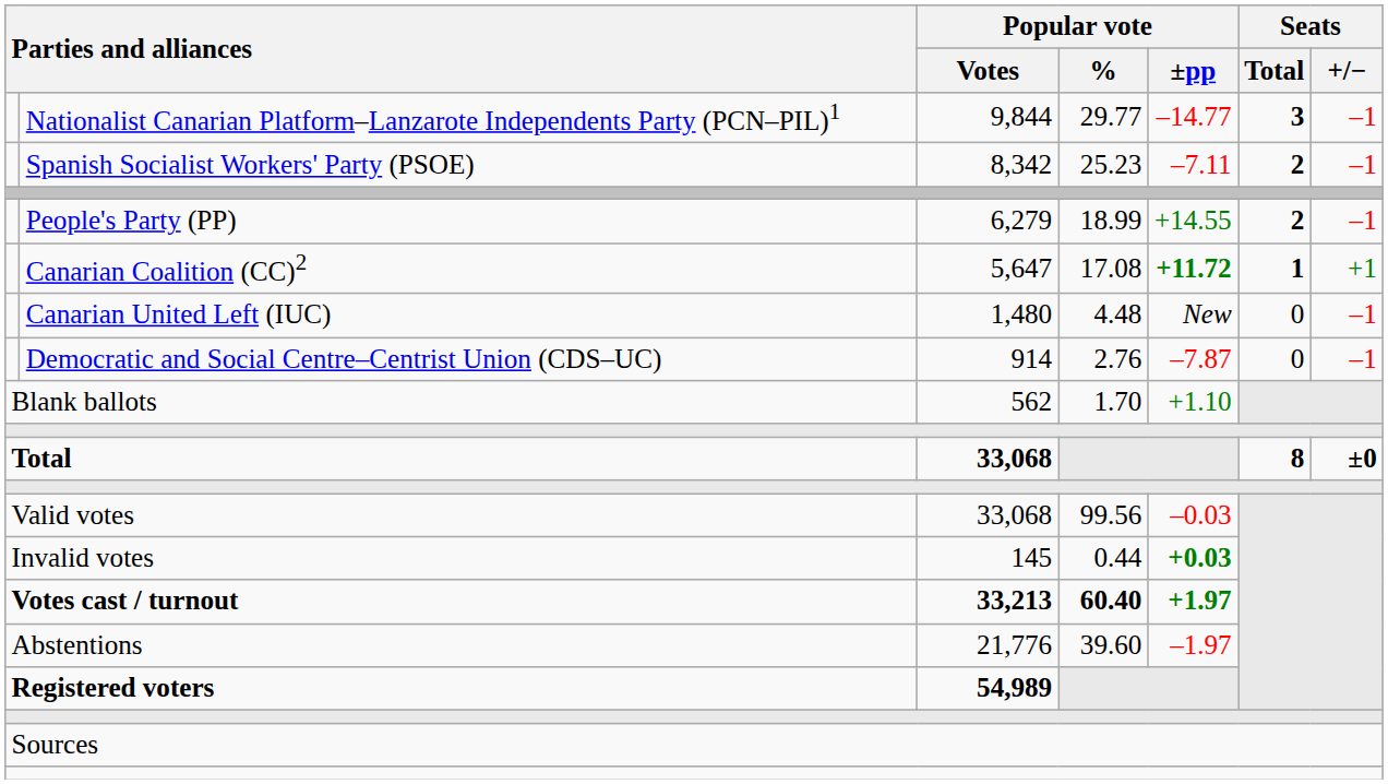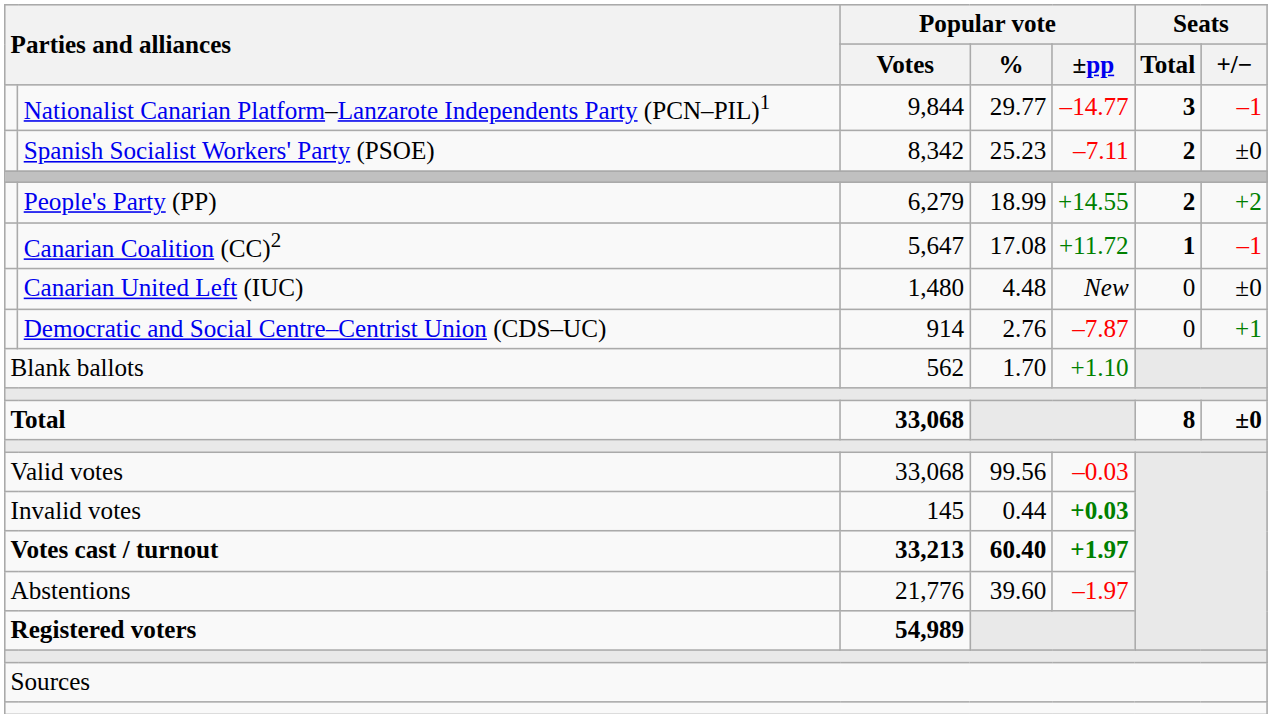 <table class="wikitable" style="text-align:right;">
 <tr>
 <th style="text-align:left;" rowspan="2" colspan="2" width="525">Parties and alliances</th>
 <th colspan="3">Popular vote</th>
 <th colspan="2">Seats</th>
 </tr>
 <tr>
 <th width="75">Votes</th>
 <th width="45">%</th>
 <th width="45">±<a href='#'>pp</a></th>
 <th width="35">Total</th>
 <th width="35">+/−</th>
 </tr>
 <tr>
 <td width="1" style="color:inherit;background:"></td>
 <td align="left"><a href='#'>Nationalist Canarian Platform</a>–<a href='#'>Lanzarote Independents Party</a> (PCN–PIL)<sup>1</sup></td>
 <td>9,844</td>
 <td>29.77</td>
 <td style="color:red;">–14.77</td>
 <td><strong>3</strong></td>
 <td style="color:red;">–1</td>
 </tr>
 <tr>
 <td style="color:inherit;background:"></td>
 <td align="left"><a href='#'>Spanish Socialist Workers' Party</a> (PSOE)</td>
 <td>8,342</td>
 <td>25.23</td>
 <td style="color:red;">–7.11</td>
 <td><strong>2</strong></td>
-<td style="color:red;">–1</td>
+<td>±0</td>
 </tr>
 <tr>
 <td colspan="7" bgcolor="#C0C0C0"></td>
 </tr>
 <tr>
 <td style="color:inherit;background:"></td>
 <td align="left"><a href='#'>People's Party</a> (PP)</td>
 <td>6,279</td>
 <td>18.99</td>
 <td style="color:green;">+14.55</td>
 <td><strong>2</strong></td>
-<td style="color:red;">–1</td>
+<td style="color:green;">+2</td>
 </tr>
 <tr>
 <td style="color:inherit;background:"></td>
 <td align="left"><a href='#'>Canarian Coalition</a> (CC)<sup>2</sup></td>
 <td>5,647</td>
 <td>17.08</td>
-<td style="color:green;"><strong>+11.72</strong></td>
+<td style="color:green;">+11.72</td>
 <td><strong>1</strong></td>
-<td style="color:green;">+1</td>
+<td style="color:red;">–1</td>
 </tr>
 <tr>
 <td style="color:inherit;background:"></td>
 <td align="left"><a href='#'>Canarian United Left</a> (IUC)</td>
 <td>1,480</td>
 <td>4.48</td>
 <td><em>New</em></td>
 <td>0</td>
-<td style="color:red;">–1</td>
+<td>±0</td>
 </tr>
 <tr>
 <td style="color:inherit;background:"></td>
 <td align="left"><a href='#'>Democratic and Social Centre–Centrist Union</a> (CDS–UC)</td>
 <td>914</td>
 <td>2.76</td>
 <td style="color:red;">–7.87</td>
 <td>0</td>
-<td style="color:red;">–1</td>
+<td style="color:green;">+1</td>
 </tr>
 <tr>
 <td align="left" colspan="2">Blank ballots</td>
 <td>562</td>
 <td>1.70</td>
 <td style="color:green;">+1.10</td>
 <td bgcolor="#E9E9E9" colspan="2"></td>
 </tr>
 <tr>
 <td colspan="7" bgcolor="#E9E9E9"></td>
 </tr>
 <tr style="font-weight:bold;">
 <td align="left" colspan="2">Total</td>
 <td>33,068</td>
 <td bgcolor="#E9E9E9" colspan="2"></td>
 <td>8</td>
 <td>±0</td>
 </tr>
 <tr>
 <td colspan="7" bgcolor="#E9E9E9"></td>
 </tr>
 <tr>
 <td align="left" colspan="2">Valid votes</td>
 <td>33,068</td>
 <td>99.56</td>
 <td style="color:red;">–0.03</td>
 <td bgcolor="#E9E9E9" colspan="2" rowspan="5"></td>
 </tr>
 <tr>
 <td align="left" colspan="2">Invalid votes</td>
 <td>145</td>
 <td>0.44</td>
 <td style="color:green;"><strong>+0.03</strong></td>
 </tr>
 <tr style="font-weight:bold;">
 <td align="left" colspan="2">Votes cast / turnout</td>
 <td>33,213</td>
 <td>60.40</td>
 <td style="color:green;">+1.97</td>
 </tr>
 <tr>
 <td align="left" colspan="2">Abstentions</td>
 <td>21,776</td>
 <td>39.60</td>
 <td style="color:red;">–1.97</td>
 </tr>
 <tr style="font-weight:bold;">
 <td align="left" colspan="2">Registered voters</td>
 <td>54,989</td>
 <td bgcolor="#E9E9E9" colspan="2"></td>
 </tr>
 <tr>
 <td colspan="7" bgcolor="#E9E9E9"></td>
 </tr>
 <tr>
 <td align="left" colspan="7">Sources</td>
 </tr>
 <tr>
 <td colspan="7" style="text-align:left; max-width:790px;"></td>
 </tr>
 </table>
